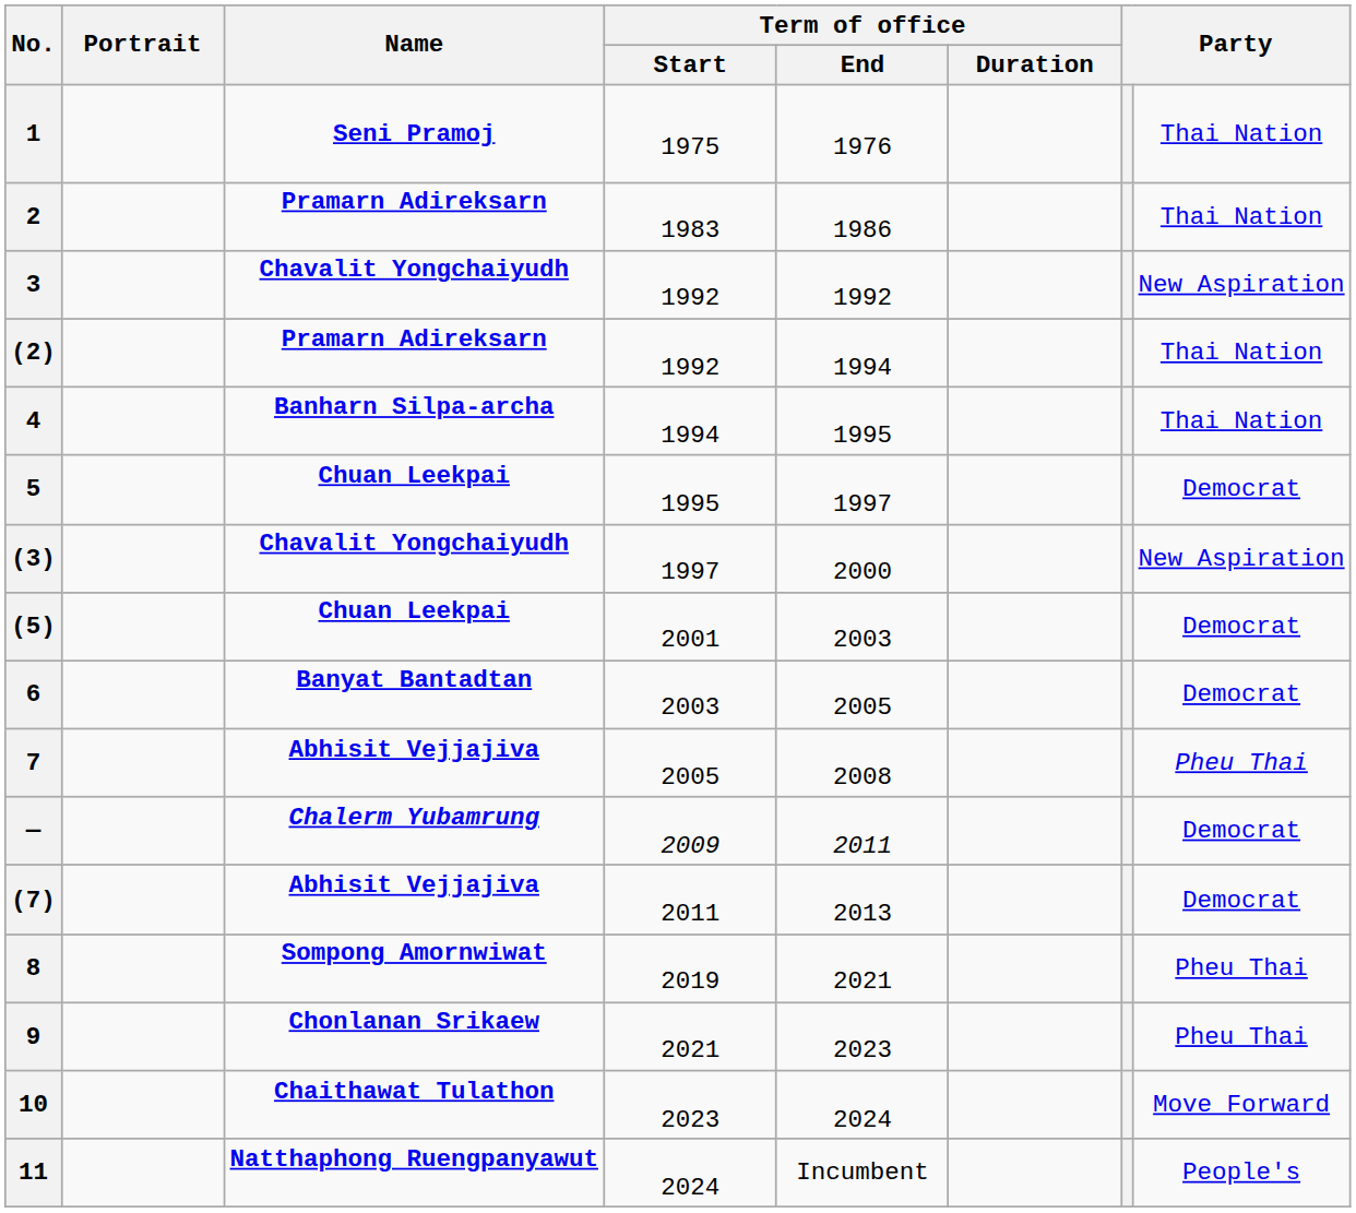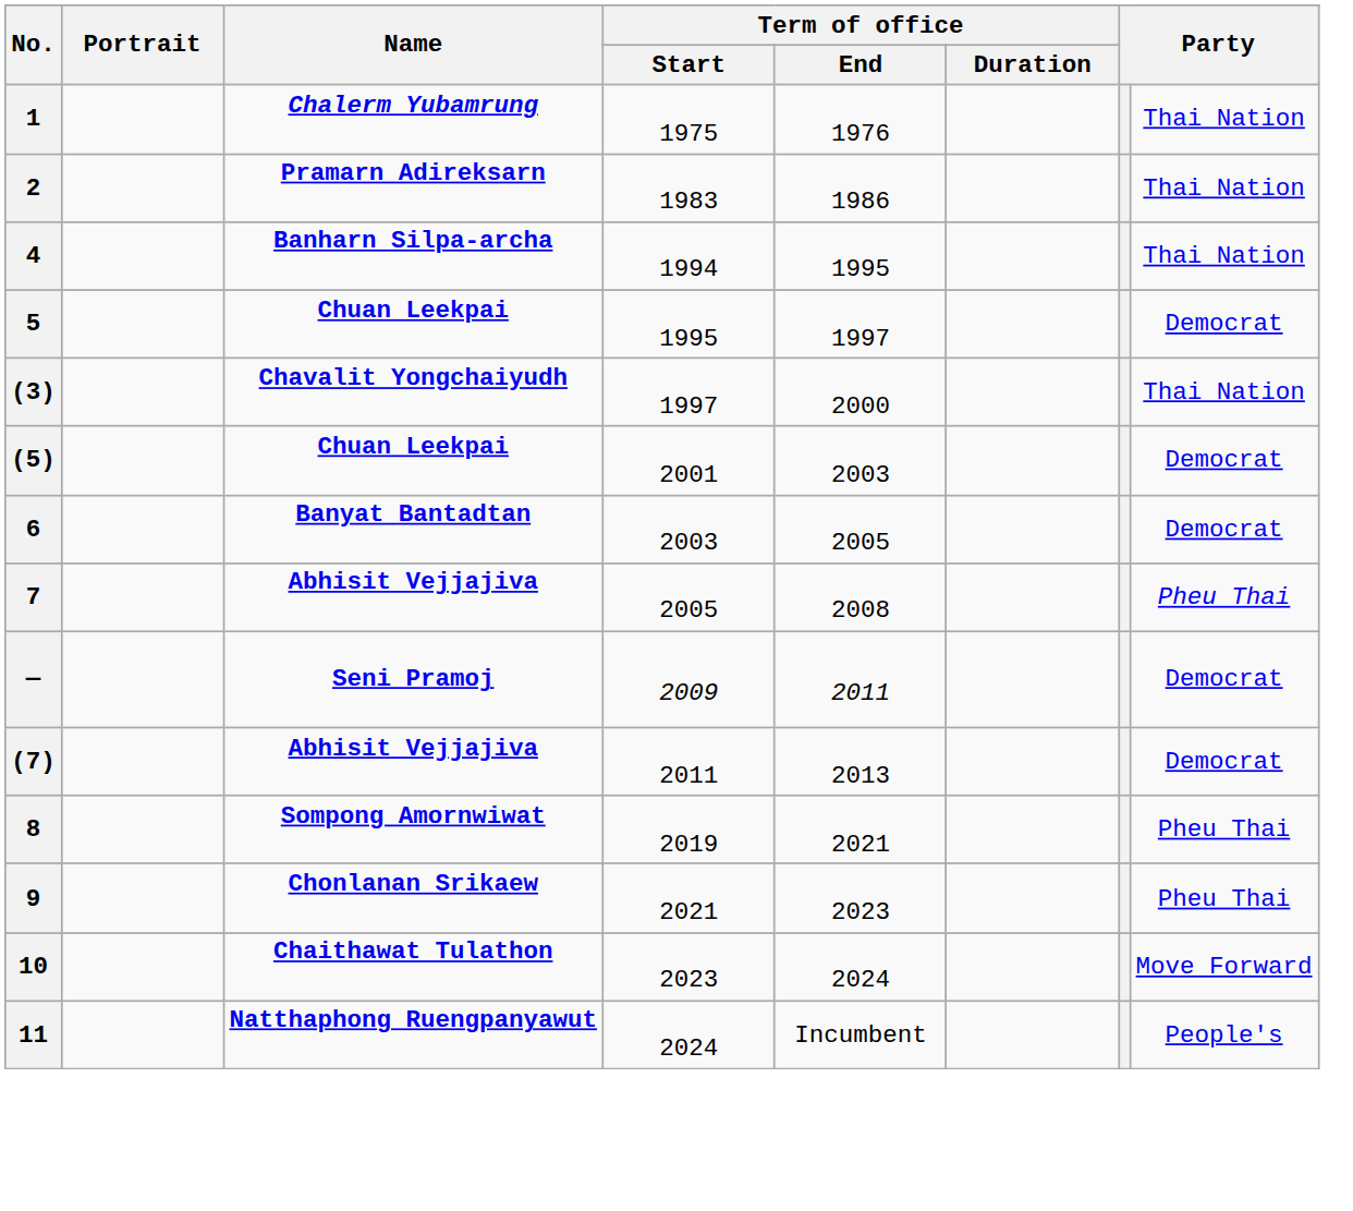 <table class="wikitable" style="text-align:center; border:1px #aaf solid;">
 <tr>
 <th rowspan="2">No.</th>
 <th rowspan="2" width="80">Portrait</th>
 <th rowspan="2">Name<br></th>
 <th colspan="3">Term of office</th>
 <th colspan="2" rowspan="2">Party</th>
 </tr>
 <tr>
 <th width="85">Start</th>
 <th width="85">End</th>
 <th width="85">Duration</th>
 </tr>
 <tr>
 <th>1</th>
 <td></td>
-<td><br><strong><a href='#'>Seni Pramoj</a></strong><br><br></td>
+<td><strong><em><a href='#'>Chalerm Yubamrung</a></em></strong><br><em></em><br></td>
 <td><br>1975</td>
 <td><br>1976</td>
 <td></td>
 <th style="background:"></th>
 <td><a href='#'>Thai Nation</a></td>
 </tr>
 <tr>
 <th>2</th>
 <td></td>
 <td><strong><a href='#'>Pramarn Adireksarn</a></strong><br><br></td>
 <td><br>1983</td>
 <td><br>1986</td>
-<td></td>
-<th style="background:"></th>
-<td><a href='#'>Thai Nation</a></td>
-</tr>
-<tr>
-<th>3</th>
-<td></td>
-<td><strong><a href='#'>Chavalit Yongchaiyudh</a></strong><br><br></td>
-<td><br>1992</td>
-<td><br>1992</td>
-<td></td>
-<th style="background:"></th>
-<td><a href='#'>New Aspiration</a></td>
-</tr>
-<tr>
-<th>(2)</th>
-<td></td>
-<td><strong><a href='#'>Pramarn Adireksarn</a></strong><br><br></td>
-<td><br>1992</td>
-<td><br>1994</td>
 <td></td>
 <th style="background:"></th>
 <td><a href='#'>Thai Nation</a></td>
 </tr>
 <tr>
 <th>4</th>
 <td></td>
 <td><strong><a href='#'>Banharn Silpa-archa</a></strong><br><br></td>
 <td><br>1994</td>
 <td><br>1995</td>
 <td></td>
 <th style="background:"></th>
 <td><a href='#'>Thai Nation</a></td>
 </tr>
 <tr>
 <th>5</th>
 <td></td>
 <td><strong><a href='#'>Chuan Leekpai</a></strong><br><br></td>
 <td><br>1995</td>
 <td><br>1997</td>
 <td></td>
 <th style="background:"></th>
 <td><a href='#'>Democrat</a></td>
 </tr>
 <tr>
 <th>(3)</th>
 <td></td>
 <td><strong><a href='#'>Chavalit Yongchaiyudh</a></strong><br><br></td>
 <td><br>1997</td>
 <td><br>2000</td>
 <td></td>
 <th style="background:"></th>
-<td><a href='#'>New Aspiration</a></td>
+<td><a href='#'>Thai Nation</a></td>
 </tr>
 <tr>
 <th>(5)</th>
 <td></td>
 <td><strong><a href='#'>Chuan Leekpai</a></strong><br><br></td>
 <td><br>2001</td>
 <td><br>2003</td>
 <td></td>
 <th style="background:"></th>
 <td><a href='#'>Democrat</a></td>
 </tr>
 <tr>
 <th>6</th>
 <td></td>
 <td><strong><a href='#'>Banyat Bantadtan</a></strong><br><br></td>
 <td><br>2003</td>
 <td><br>2005</td>
 <td></td>
 <th style="background:"></th>
 <td><a href='#'>Democrat</a></td>
 </tr>
 <tr>
 <th>7</th>
 <td></td>
 <td><strong><a href='#'>Abhisit Vejjajiva</a></strong><br><br></td>
 <td><br>2005</td>
 <td><br>2008</td>
 <td></td>
 <th style="background:"></th>
 <td><em><a href='#'>Pheu Thai</a></em></td>
 </tr>
 <tr>
 <th>—</th>
 <td></td>
-<td><strong><em><a href='#'>Chalerm Yubamrung</a></em></strong><br><em></em><br></td>
+<td><br><strong><a href='#'>Seni Pramoj</a></strong><br><br></td>
 <td><em><br>2009</em></td>
 <td><em><br>2011</em></td>
 <td><em></em></td>
 <th style="background:"></th>
 <td><a href='#'>Democrat</a></td>
 </tr>
 <tr>
 <th>(7)</th>
 <td></td>
 <td><strong><a href='#'>Abhisit Vejjajiva</a></strong><br><br></td>
 <td><br>2011</td>
 <td><br>2013</td>
 <td></td>
 <th style="background:"></th>
 <td><a href='#'>Democrat</a></td>
 </tr>
 <tr>
 <th>8</th>
 <td></td>
 <td><strong><a href='#'>Sompong Amornwiwat</a></strong><br><br></td>
 <td><br>2019</td>
 <td><br>2021</td>
 <td></td>
 <th style="background:"></th>
 <td><a href='#'>Pheu Thai</a></td>
 </tr>
 <tr>
 <th>9</th>
 <td></td>
 <td><strong><a href='#'>Chonlanan Srikaew</a></strong><br><br></td>
 <td><br>2021</td>
 <td><br>2023</td>
 <td></td>
 <th style="background:"></th>
 <td><a href='#'>Pheu Thai</a></td>
 </tr>
 <tr>
 <th>10</th>
 <td></td>
 <td><strong><a href='#'>Chaithawat Tulathon</a></strong><br><br></td>
 <td><br>2023</td>
 <td><br>2024</td>
 <td></td>
 <th style="background:"></th>
 <td><a href='#'>Move Forward</a></td>
 </tr>
 <tr>
 <th>11</th>
 <td></td>
 <td><strong><a href='#'>Natthaphong Ruengpanyawut</a></strong><br><br></td>
 <td><br>2024</td>
 <td>Incumbent</td>
 <td></td>
 <th style="background:"></th>
 <td><a href='#'>People's</a></td>
 </tr>
 </table>
